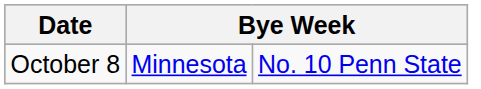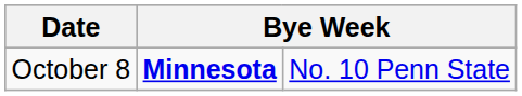 <table class="wikitable" style="font-size:95%;">
 <tr>
 <th>Date</th>
 <th colspan="2">Bye Week</th>
 </tr>
 <tr>
 <td>October 8</td>
-<td><a href='#'>Minnesota</a></td>
+<td><strong><a href='#'>Minnesota</a></strong></td>
 <td><a href='#'>No. 10 Penn State</a></td>
 </tr>
 </table>
